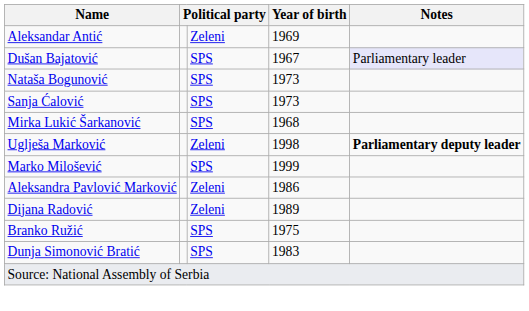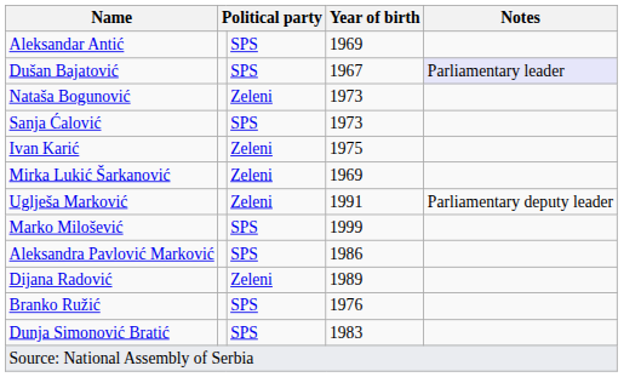 <table class="wikitable sortable" style="text-align:left">
 <tr>
 <th>Name</th>
 <th colspan="2">Political party</th>
 <th>Year of birth</th>
 <th>Notes</th>
 </tr>
 <tr>
 <td><a href='#'>Aleksandar Antić</a></td>
 <td width="1" style="color:inherit;background: "></td>
-<td><a href='#'>Zeleni</a></td>
+<td><a href='#'>SPS</a></td>
 <td>1969</td>
 <td></td>
 </tr>
 <tr>
 <td><a href='#'>Dušan Bajatović</a></td>
 <td width="1" style="color:inherit;background: "></td>
 <td><a href='#'>SPS</a></td>
 <td>1967</td>
 <td style="background: lavender;">Parliamentary leader</td>
 </tr>
 <tr>
 <td><a href='#'>Nataša Bogunović</a></td>
 <td width="1" style="color:inherit;background: "></td>
-<td><a href='#'>SPS</a></td>
+<td><a href='#'>Zeleni</a></td>
 <td>1973</td>
 <td></td>
 </tr>
 <tr>
 <td><a href='#'>Sanja Ćalović</a></td>
 <td width="1" style="color:inherit;background: "></td>
 <td><a href='#'>SPS</a></td>
 <td>1973</td>
 <td></td>
 </tr>
 <tr>
+<td><a href='#'>Ivan Karić</a></td>
+<td width="1" style="color:inherit;background: "></td>
+<td><a href='#'>Zeleni</a></td>
+<td>1975</td>
+<td></td>
+</tr>
+<tr>
 <td><a href='#'>Mirka Lukić Šarkanović</a></td>
 <td width="1" style="color:inherit;background: "></td>
-<td><a href='#'>SPS</a></td>
-<td>1968</td>
+<td><a href='#'>Zeleni</a></td>
+<td>1969</td>
 <td></td>
 </tr>
 <tr>
 <td><a href='#'>Uglješa Marković</a></td>
 <td width="1" style="color:inherit;background: "></td>
 <td><a href='#'>Zeleni</a></td>
-<td>1998</td>
-<td><strong>Parliamentary deputy leader</strong></td>
+<td>1991</td>
+<td>Parliamentary deputy leader</td>
 </tr>
 <tr>
 <td><a href='#'>Marko Milošević</a></td>
 <td width="1" style="color:inherit;background: "></td>
 <td><a href='#'>SPS</a></td>
 <td>1999</td>
 <td></td>
 </tr>
 <tr>
 <td><a href='#'>Aleksandra Pavlović Marković</a></td>
 <td width="1" style="color:inherit;background: "></td>
-<td><a href='#'>Zeleni</a></td>
+<td><a href='#'>SPS</a></td>
 <td>1986</td>
 <td></td>
 </tr>
 <tr>
 <td><a href='#'>Dijana Radović</a></td>
 <td width="1" style="color:inherit;background: "></td>
 <td><a href='#'>Zeleni</a></td>
 <td>1989</td>
 <td></td>
 </tr>
 <tr>
 <td><a href='#'>Branko Ružić</a></td>
 <td width="1" style="color:inherit;background: "></td>
 <td><a href='#'>SPS</a></td>
-<td>1975</td>
+<td>1976</td>
 <td></td>
 </tr>
 <tr>
 <td><a href='#'>Dunja Simonović Bratić</a></td>
 <td width="1" style="color:inherit;background: "></td>
 <td><a href='#'>SPS</a></td>
 <td>1983</td>
 <td></td>
 </tr>
 <tr>
 <td style="background-color:#EAECF0" colspan="5">Source: National Assembly of Serbia</td>
 </tr>
 </table>
